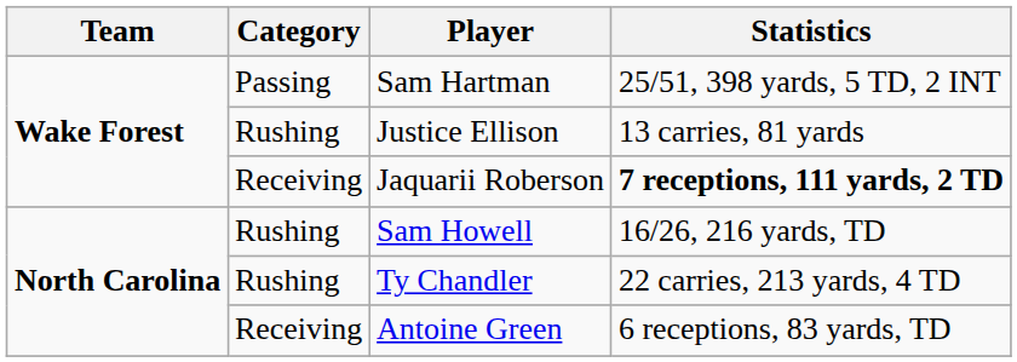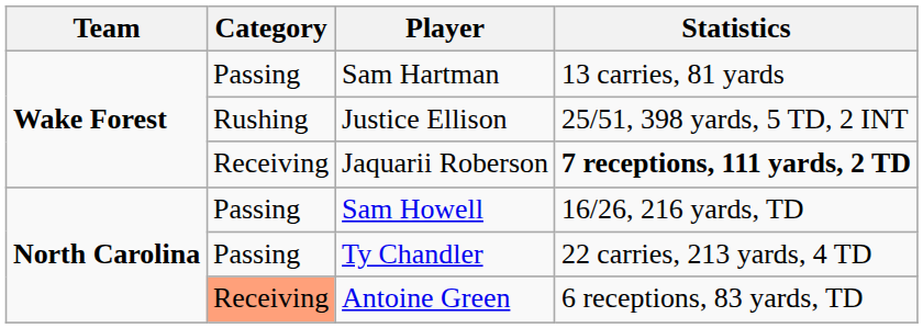 <table class="wikitable" style="float: right;">
 <tr>
 <th>Team</th>
 <th>Category</th>
 <th>Player</th>
 <th>Statistics</th>
 </tr>
 <tr>
 <td rowspan=3><strong>Wake Forest</strong></td>
 <td>Passing</td>
 <td>Sam Hartman</td>
-<td>25/51, 398 yards, 5 TD, 2 INT</td>
+<td>13 carries, 81 yards</td>
 </tr>
 <tr>
 <td>Rushing</td>
 <td>Justice Ellison</td>
-<td>13 carries, 81 yards</td>
+<td>25/51, 398 yards, 5 TD, 2 INT</td>
 </tr>
 <tr>
 <td>Receiving</td>
 <td>Jaquarii Roberson</td>
 <td><strong>7 receptions, 111 yards, 2 TD</strong></td>
 </tr>
 <tr>
 <td rowspan=3><strong>North Carolina</strong></td>
-<td>Rushing</td>
+<td>Passing</td>
 <td><a href='#'>Sam Howell</a></td>
 <td>16/26, 216 yards, TD</td>
 </tr>
 <tr>
-<td>Rushing</td>
+<td>Passing</td>
 <td><a href='#'>Ty Chandler</a></td>
 <td>22 carries, 213 yards, 4 TD</td>
 </tr>
 <tr>
-<td>Receiving</td>
+<td style="background: lightsalmon;">Receiving</td>
 <td><a href='#'>Antoine Green</a></td>
 <td>6 receptions, 83 yards, TD</td>
 </tr>
 </table>
